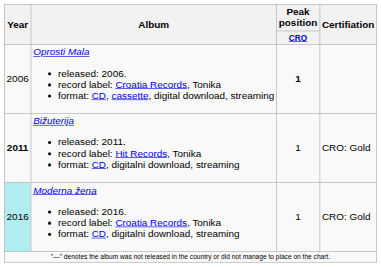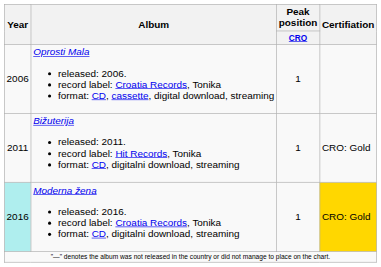 <table class="wikitable">
 <tr>
 <th width="33" rowspan="2" style="text-align:center;">Year</th>
 <th rowspan="2">Album</th>
 <th colspan="1">Peak position</th>
 <th rowspan="2">Certifiation</th>
 </tr>
 <tr style="font-size:smaller;">
 <th width="25"><a href='#'>CRO</a></th>
 </tr>
 <tr>
 <td rowspan="1" align="center">2006</td>
 <td rowspan="1"><em><a href='#'>Oprosti Mala</a></em><br><ul><li>released: 2006.</li><li>record label: <a href='#'>Croatia Records</a>, Tonika</li><li>format: <a href='#'>CD</a>, <a href='#'>cassette</a>, digital download, streaming</li></ul></td>
-<td align="center"><strong>1</strong></td>
+<td align="center">1</td>
 <td></td>
 </tr>
 <tr>
-<td rowspan="1" align="center"><strong>2011</strong></td>
+<td rowspan="1" align="center">2011</td>
 <td rowspan="1"><em><a href='#'>Bižuterija</a></em><br><ul><li>released: 2011.</li><li>record label: <a href='#'>Hit Records</a>, Tonika</li><li>format: <a href='#'>CD</a>, digitalni download, streaming</li></ul></td>
 <td align="center">1</td>
 <td>CRO: Gold</td>
 </tr>
 <tr>
 <td rowspan="1" align="center" style="background: paleturquoise;">2016</td>
 <td rowspan="1"><em><a href='#'>Moderna žena</a></em><br><ul><li>released: 2016.</li><li>record label: <a href='#'>Croatia Records</a>, Tonika</li><li>format: <a href='#'>CD</a>, digitalni download, streaming</li></ul></td>
 <td align="center">1</td>
-<td>CRO: Gold</td>
+<td style="background: gold;">CRO: Gold</td>
 </tr>
 <tr>
 <td align="center" colspan="6" style="font-size: 8pt">"—" denotes the album was not released in the country or did not manage to place on the chart.</td>
 </tr>
 </table>
